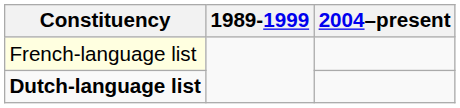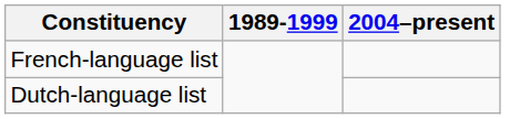 <table class="wikitable">
 <tr>
 <th>Constituency</th>
 <th>1989-<a href='#'>1999</a></th>
 <th><a href='#'>2004</a>–present</th>
 </tr>
 <tr>
-<td style="background: lightyellow;">French-language list</td>
+<td>French-language list</td>
 <td rowspan="2"></td>
 <td></td>
 </tr>
 <tr>
-<td><strong>Dutch-language list</strong></td>
+<td>Dutch-language list</td>
 <td></td>
 </tr>
 </table>
